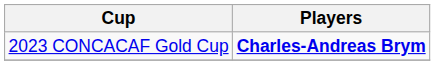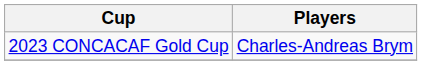 <table class="wikitable" style="text-align: left">
 <tr style="text-align: center">
 <th>Cup</th>
 <th>Players</th>
 </tr>
 <tr>
 <td align="left"> <a href='#'>2023 CONCACAF Gold Cup</a></td>
-<td><strong> <a href='#'>Charles-Andreas Brym</a></strong></td>
+<td> <a href='#'>Charles-Andreas Brym</a></td>
 </tr>
 <tr>
 </tr>
 </table>
